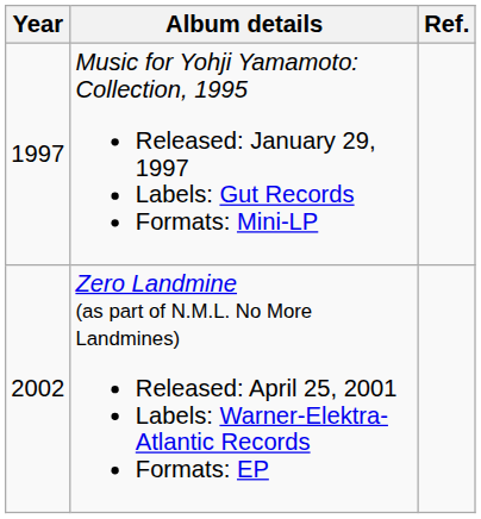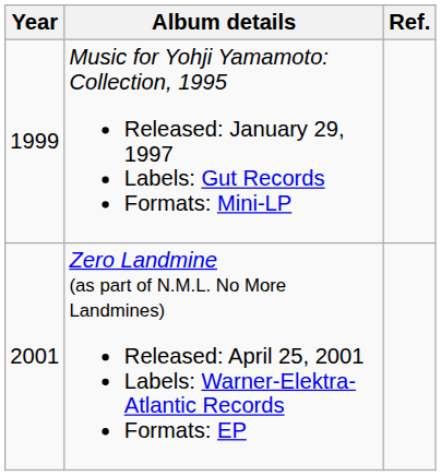 <table class="wikitable">
 <tr>
 <th>Year</th>
 <th style="width:225px;">Album details</th>
 <th>Ref.</th>
 </tr>
 <tr>
-<td>1997</td>
+<td>1999</td>
 <td align="left"><em>Music for Yohji Yamamoto: Collection, 1995</em><br><ul><li>Released: January 29, 1997</li><li>Labels: <a href='#'>Gut Records</a></li><li>Formats: <a href='#'>Mini-LP</a></li></ul></td>
 <td style="text-align:center;"></td>
 </tr>
 <tr>
-<td>2002</td>
+<td>2001</td>
 <td align="left"><em><a href='#'>Zero Landmine</a></em><br><small>(as part of N.M.L. No More Landmines)</small><br><ul><li>Released: April 25, 2001</li><li>Labels: <a href='#'>Warner-Elektra-Atlantic Records</a></li><li>Formats: <a href='#'>EP</a></li></ul></td>
 <td style="text-align:center;"></td>
 </tr>
 </table>
